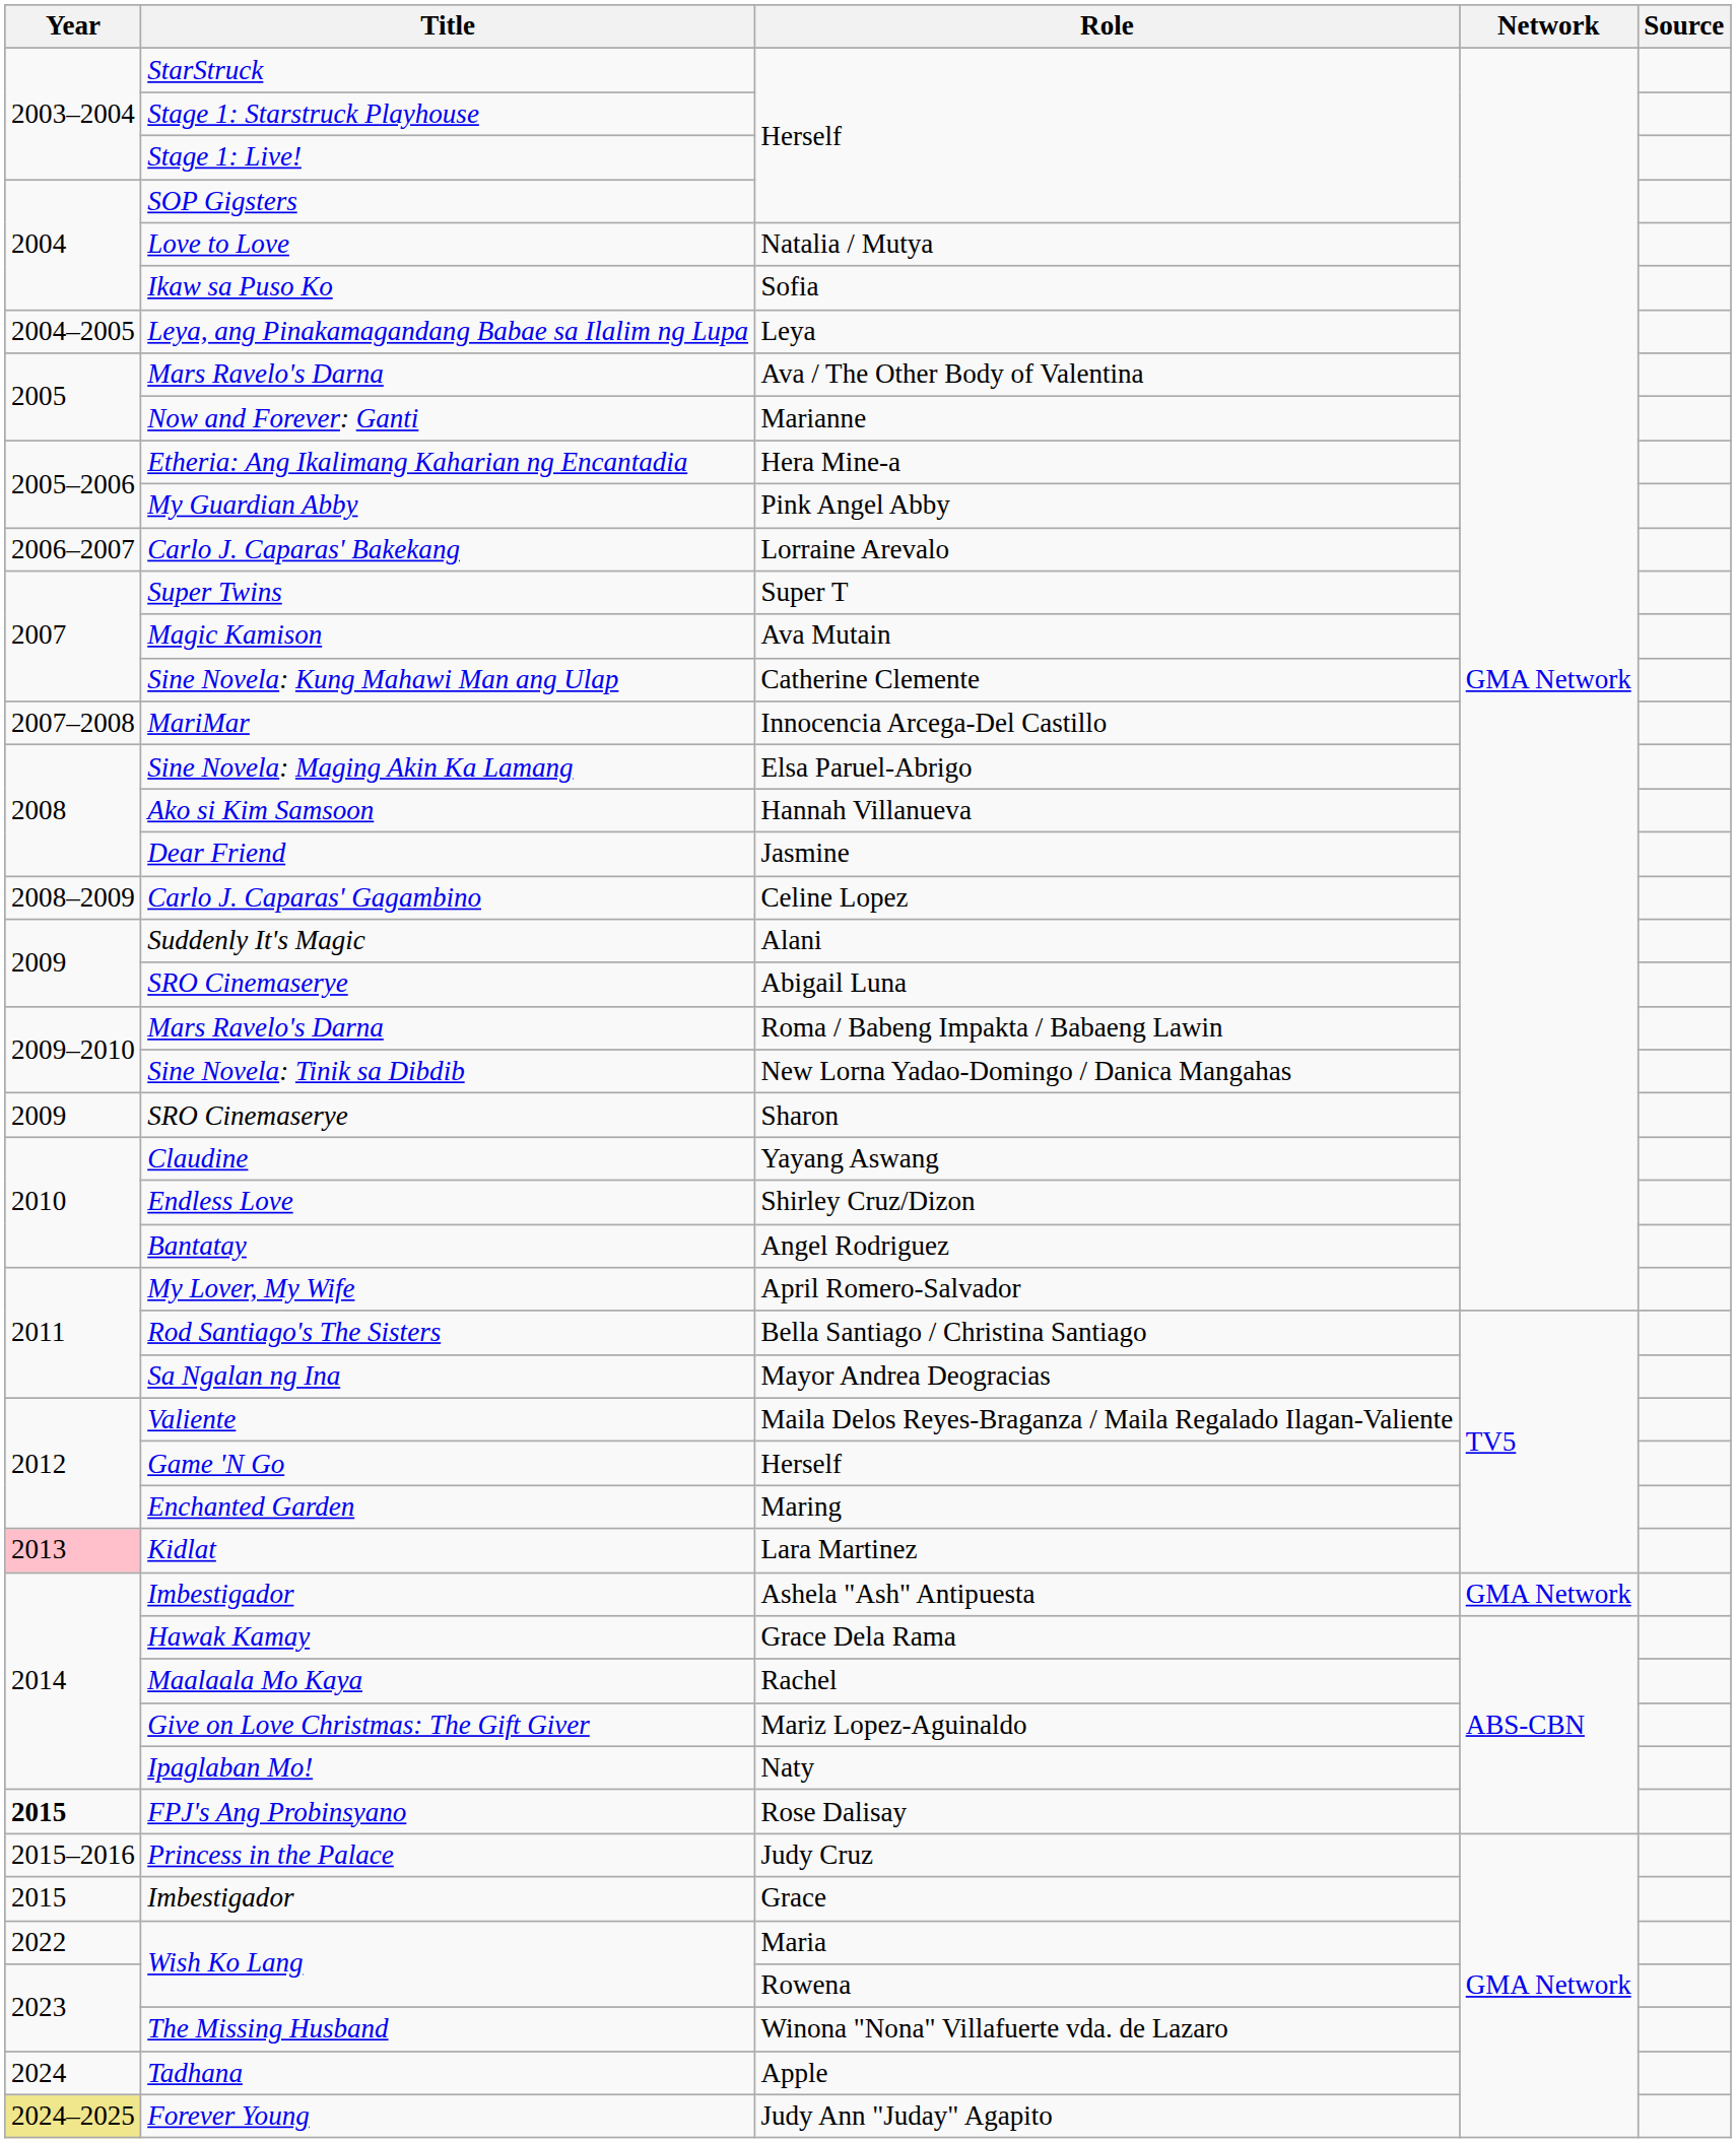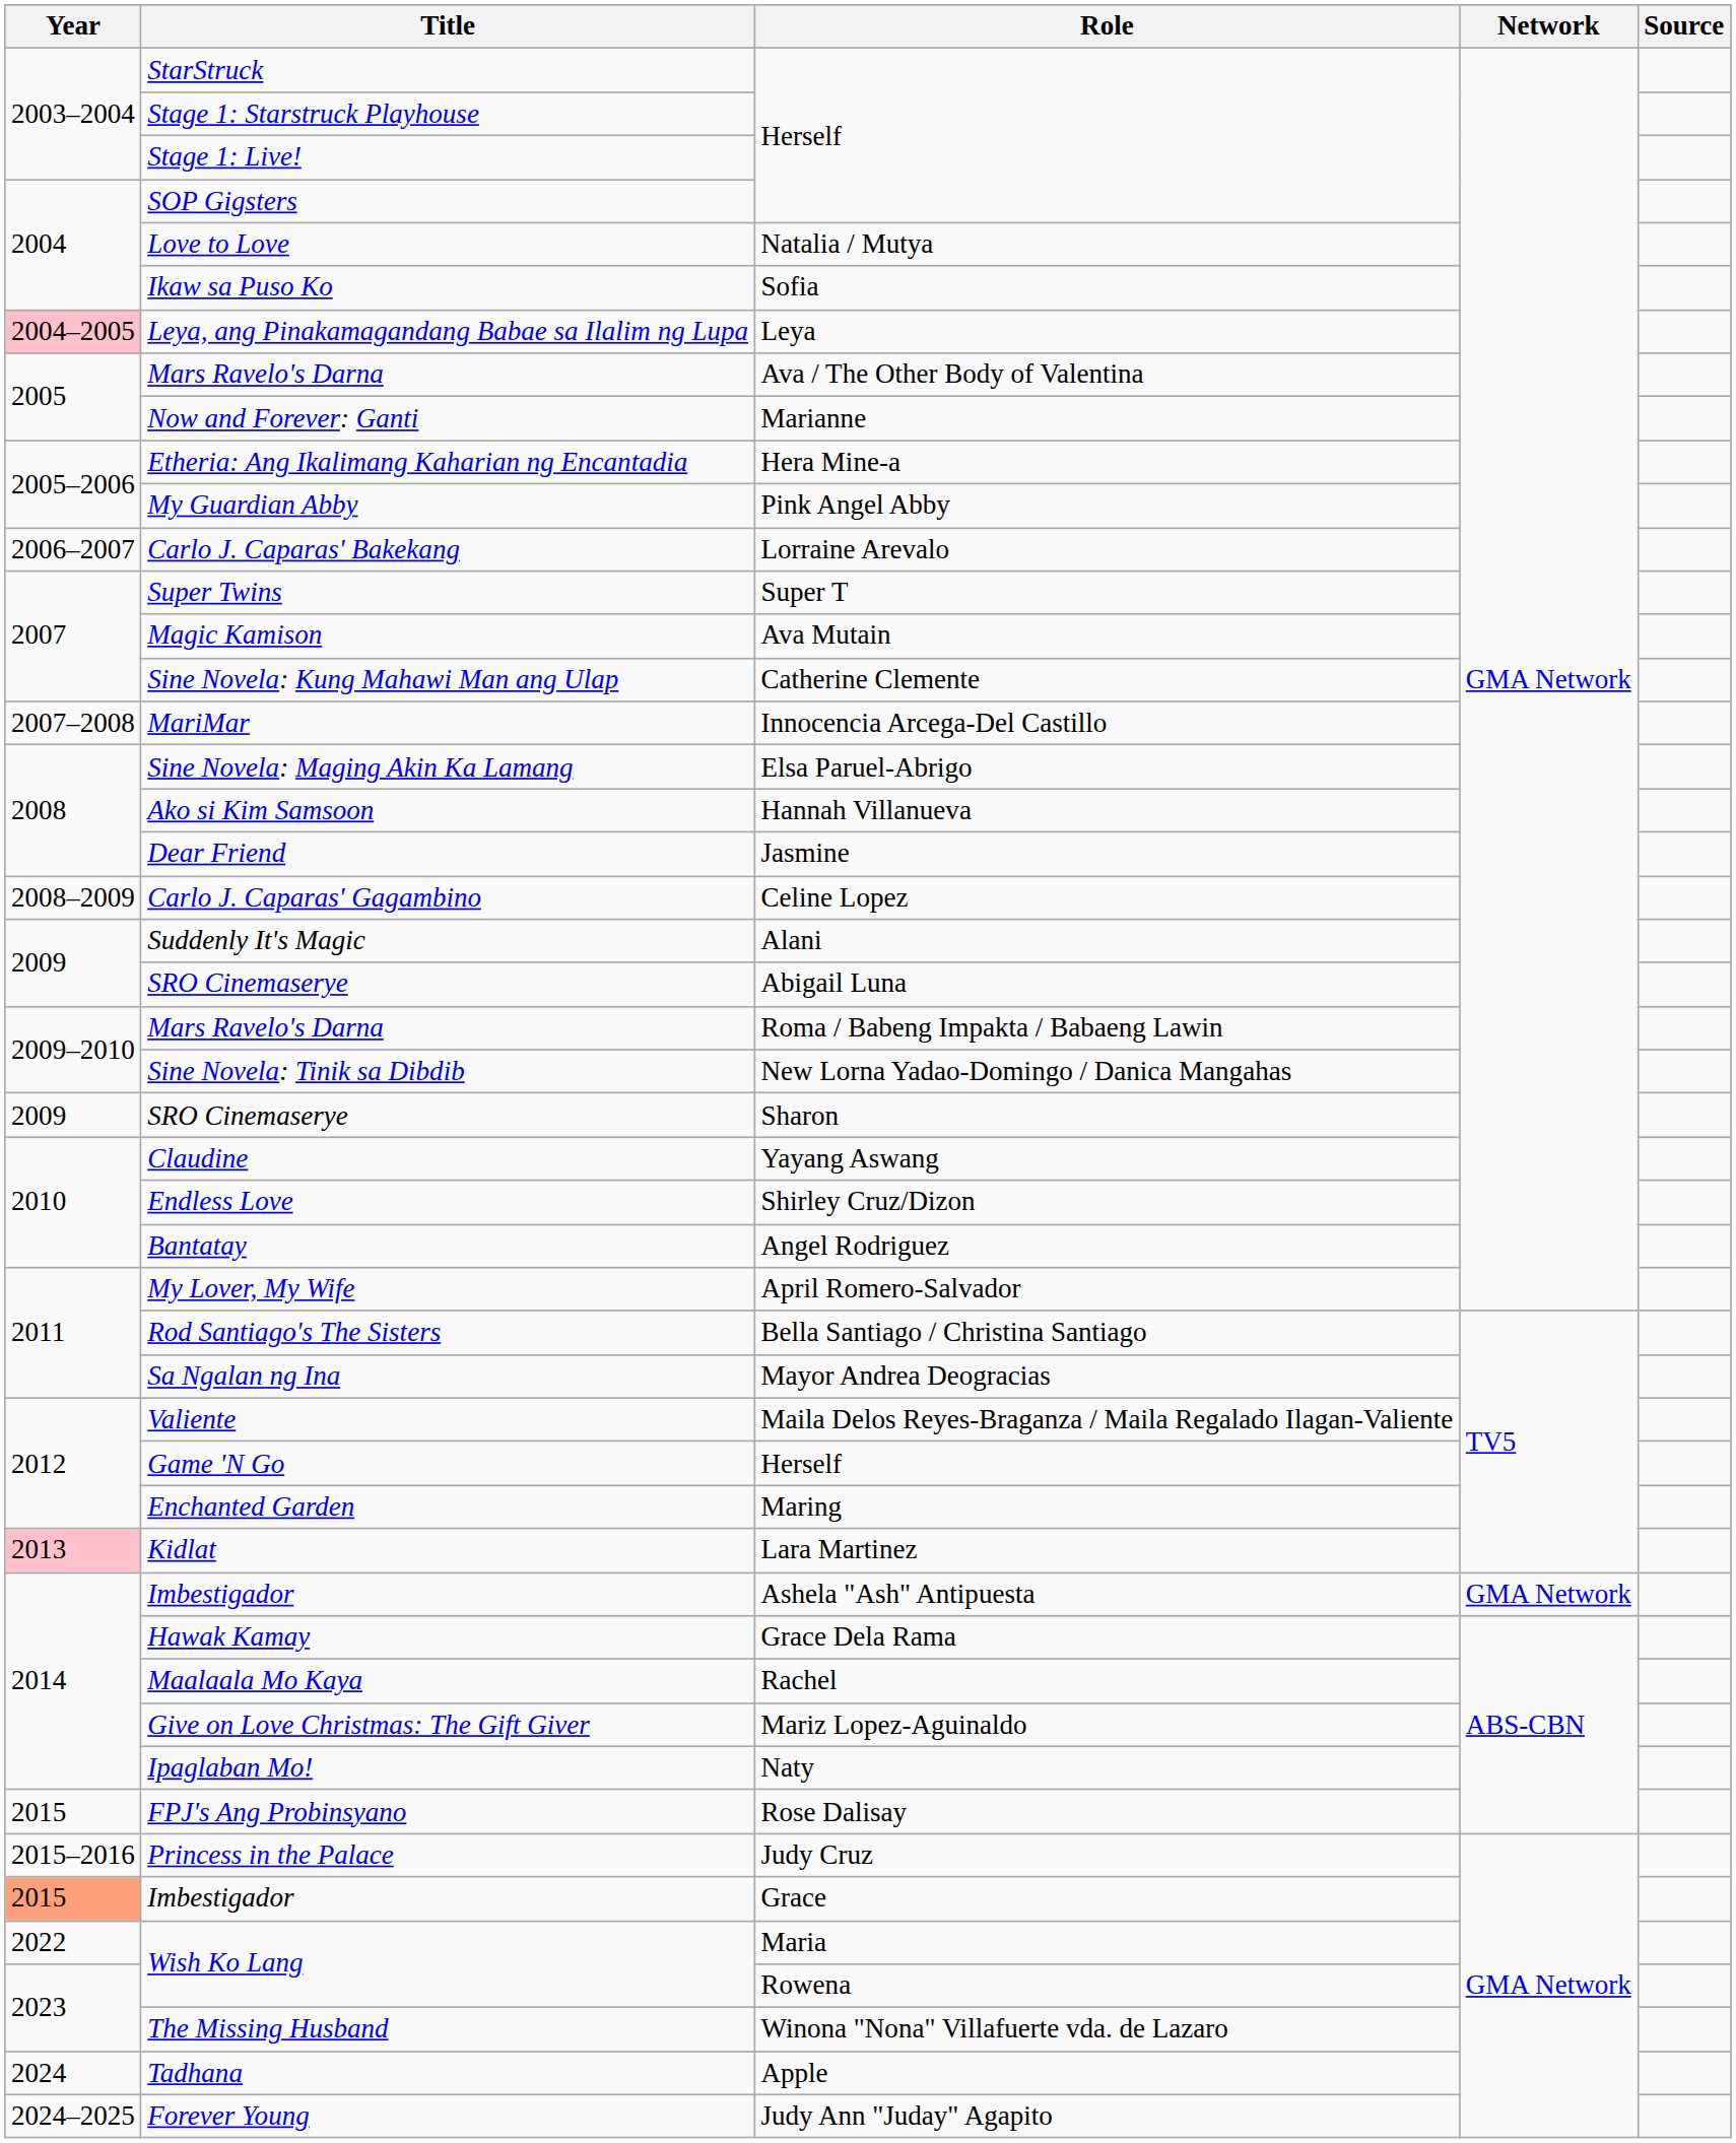 <table class="wikitable sortable" >
 <tr>
 <th>Year</th>
 <th>Title</th>
 <th>Role</th>
 <th class="unsortable">Network </th>
 <th class="unsortable">Source </th>
 </tr>
 <tr>
 <td rowspan="3">2003–2004</td>
 <td><em><a href='#'>StarStruck</a></em></td>
 <td rowspan="4">Herself</td>
 <td rowspan="29"><a href='#'>GMA Network</a></td>
 <td></td>
 </tr>
 <tr>
 <td><em><a href='#'>Stage 1: Starstruck Playhouse</a></em></td>
 <td></td>
 </tr>
 <tr>
 <td><em><a href='#'>Stage 1: Live!</a></em></td>
 <td></td>
 </tr>
 <tr>
 <td rowspan="3">2004</td>
 <td><em><a href='#'>SOP Gigsters</a></em></td>
 <td></td>
 </tr>
 <tr>
 <td><em><a href='#'>Love to Love</a></em></td>
 <td>Natalia / Mutya</td>
 <td></td>
 </tr>
 <tr>
 <td><em><a href='#'>Ikaw sa Puso Ko</a></em></td>
 <td>Sofia</td>
 <td></td>
 </tr>
 <tr>
-<td>2004–2005</td>
+<td style="background: pink;">2004–2005</td>
 <td><em><a href='#'>Leya, ang Pinakamagandang Babae sa Ilalim ng Lupa</a></em></td>
 <td>Leya</td>
 <td></td>
 </tr>
 <tr>
 <td rowspan="2">2005</td>
 <td><em><a href='#'>Mars Ravelo's Darna</a></em></td>
 <td>Ava / The Other Body of Valentina</td>
 <td></td>
 </tr>
 <tr>
 <td><em><a href='#'>Now and Forever</a>: <a href='#'>Ganti</a></em></td>
 <td>Marianne</td>
 <td></td>
 </tr>
 <tr>
 <td rowspan="2">2005–2006</td>
 <td><em><a href='#'>Etheria: Ang Ikalimang Kaharian ng Encantadia</a></em></td>
 <td>Hera Mine-a</td>
 <td></td>
 </tr>
 <tr>
 <td><em><a href='#'>My Guardian Abby</a></em></td>
 <td>Pink Angel Abby</td>
 <td></td>
 </tr>
 <tr>
 <td>2006–2007</td>
 <td><em><a href='#'>Carlo J. Caparas' Bakekang</a></em></td>
 <td>Lorraine Arevalo</td>
 <td></td>
 </tr>
 <tr>
 <td rowspan="3">2007</td>
 <td><em><a href='#'>Super Twins</a></em></td>
 <td>Super T</td>
 <td></td>
 </tr>
 <tr>
 <td><em><a href='#'>Magic Kamison</a></em></td>
 <td>Ava Mutain</td>
 <td></td>
 </tr>
 <tr>
 <td><em><a href='#'>Sine Novela</a>: <a href='#'>Kung Mahawi Man ang Ulap</a></em></td>
 <td>Catherine Clemente</td>
 <td></td>
 </tr>
 <tr>
 <td>2007–2008</td>
 <td><em><a href='#'>MariMar</a></em></td>
 <td>Innocencia Arcega-Del Castillo</td>
 <td></td>
 </tr>
 <tr>
 <td rowspan="3">2008</td>
 <td><em><a href='#'>Sine Novela</a>: <a href='#'>Maging Akin Ka Lamang</a></em></td>
 <td>Elsa Paruel-Abrigo</td>
 <td></td>
 </tr>
 <tr>
 <td><em><a href='#'>Ako si Kim Samsoon</a></em></td>
 <td>Hannah Villanueva</td>
 <td></td>
 </tr>
 <tr>
 <td><em><a href='#'>Dear Friend</a></em></td>
 <td>Jasmine</td>
 <td></td>
 </tr>
 <tr>
 <td>2008–2009</td>
 <td><em><a href='#'>Carlo J. Caparas' Gagambino</a></em></td>
 <td>Celine Lopez</td>
 <td></td>
 </tr>
 <tr>
 <td rowspan="2">2009</td>
 <td><em>Suddenly It's Magic</em></td>
 <td>Alani</td>
 <td></td>
 </tr>
 <tr>
 <td><em><a href='#'>SRO Cinemaserye</a></em></td>
 <td>Abigail Luna</td>
 <td></td>
 </tr>
 <tr>
 <td rowspan="2">2009–2010</td>
 <td><em><a href='#'>Mars Ravelo's Darna</a></em></td>
 <td>Roma / Babeng Impakta / Babaeng Lawin</td>
 <td></td>
 </tr>
 <tr>
 <td><em><a href='#'>Sine Novela</a>: <a href='#'>Tinik sa Dibdib</a></em></td>
 <td>New Lorna Yadao-Domingo / Danica Mangahas</td>
 <td></td>
 </tr>
 <tr>
 <td>2009</td>
 <td><em>SRO Cinemaserye</em></td>
 <td>Sharon</td>
 <td></td>
 </tr>
 <tr>
 <td rowspan="3">2010</td>
 <td><em><a href='#'>Claudine</a></em></td>
 <td>Yayang Aswang</td>
 <td></td>
 </tr>
 <tr>
 <td><em><a href='#'>Endless Love</a></em></td>
 <td>Shirley Cruz/Dizon</td>
 <td></td>
 </tr>
 <tr>
 <td><em><a href='#'>Bantatay</a></em></td>
 <td>Angel Rodriguez</td>
 <td></td>
 </tr>
 <tr>
 <td rowspan="3">2011</td>
 <td><em><a href='#'>My Lover, My Wife</a></em></td>
 <td>April Romero-Salvador</td>
 <td></td>
 </tr>
 <tr>
 <td><em><a href='#'>Rod Santiago's The Sisters</a></em></td>
 <td>Bella Santiago / Christina Santiago</td>
 <td rowspan="6"><a href='#'> TV5</a></td>
 <td></td>
 </tr>
 <tr>
 <td><em><a href='#'>Sa Ngalan ng Ina</a></em></td>
 <td>Mayor Andrea Deogracias</td>
 <td></td>
 </tr>
 <tr>
 <td rowspan="3">2012</td>
 <td><em><a href='#'>Valiente</a></em></td>
 <td>Maila Delos Reyes-Braganza / Maila Regalado Ilagan-Valiente</td>
 <td></td>
 </tr>
 <tr>
 <td><em><a href='#'>Game 'N Go</a></em></td>
 <td>Herself</td>
 <td></td>
 </tr>
 <tr>
 <td><em><a href='#'>Enchanted Garden</a></em></td>
 <td>Maring</td>
 <td></td>
 </tr>
 <tr>
 <td style="background: pink;">2013</td>
 <td><em><a href='#'>Kidlat</a></em></td>
 <td>Lara Martinez</td>
 <td></td>
 </tr>
 <tr>
 <td rowspan="5">2014</td>
 <td><em><a href='#'>Imbestigador</a></em></td>
 <td>Ashela "Ash" Antipuesta</td>
 <td><a href='#'>GMA Network</a></td>
 <td></td>
 </tr>
 <tr>
 <td><em><a href='#'>Hawak Kamay</a></em></td>
 <td>Grace Dela Rama</td>
 <td rowspan="5"><a href='#'>ABS-CBN</a></td>
 <td></td>
 </tr>
 <tr>
 <td><em><a href='#'>Maalaala Mo Kaya</a></em></td>
 <td>Rachel</td>
 <td></td>
 </tr>
 <tr>
 <td><em><a href='#'>Give on Love Christmas: The Gift Giver</a></em></td>
 <td>Mariz Lopez-Aguinaldo</td>
 <td></td>
 </tr>
 <tr>
 <td><em><a href='#'>Ipaglaban Mo!</a></em></td>
 <td>Naty</td>
 <td></td>
 </tr>
 <tr>
-<td><strong>2015</strong></td>
+<td>2015</td>
 <td><em><a href='#'>FPJ's Ang Probinsyano</a></em></td>
 <td>Rose Dalisay</td>
 <td></td>
 </tr>
 <tr>
 <td>2015–2016</td>
 <td><em><a href='#'>Princess in the Palace</a></em></td>
 <td>Judy Cruz</td>
 <td rowspan="7"><a href='#'>GMA Network</a></td>
 <td></td>
 </tr>
 <tr>
-<td>2015</td>
+<td style="background: lightsalmon;">2015</td>
 <td><em>Imbestigador</em></td>
 <td>Grace</td>
 <td></td>
 </tr>
 <tr>
 <td>2022</td>
 <td rowspan="2"><em><a href='#'>Wish Ko Lang</a></em></td>
 <td>Maria</td>
 <td></td>
 </tr>
 <tr>
 <td rowspan="2">2023</td>
 <td>Rowena</td>
 <td></td>
 </tr>
 <tr>
 <td><em><a href='#'>The Missing Husband</a></em></td>
 <td>Winona "Nona" Villafuerte vda. de Lazaro</td>
 <td></td>
 </tr>
 <tr>
 <td>2024</td>
 <td><em><a href='#'>Tadhana</a></em></td>
 <td>Apple</td>
 <td></td>
 </tr>
 <tr>
-<td style="background: khaki;">2024–2025</td>
+<td>2024–2025</td>
 <td><em><a href='#'>Forever Young</a></em></td>
 <td>Judy Ann "Juday" Agapito</td>
 <td></td>
 </tr>
 </table>
